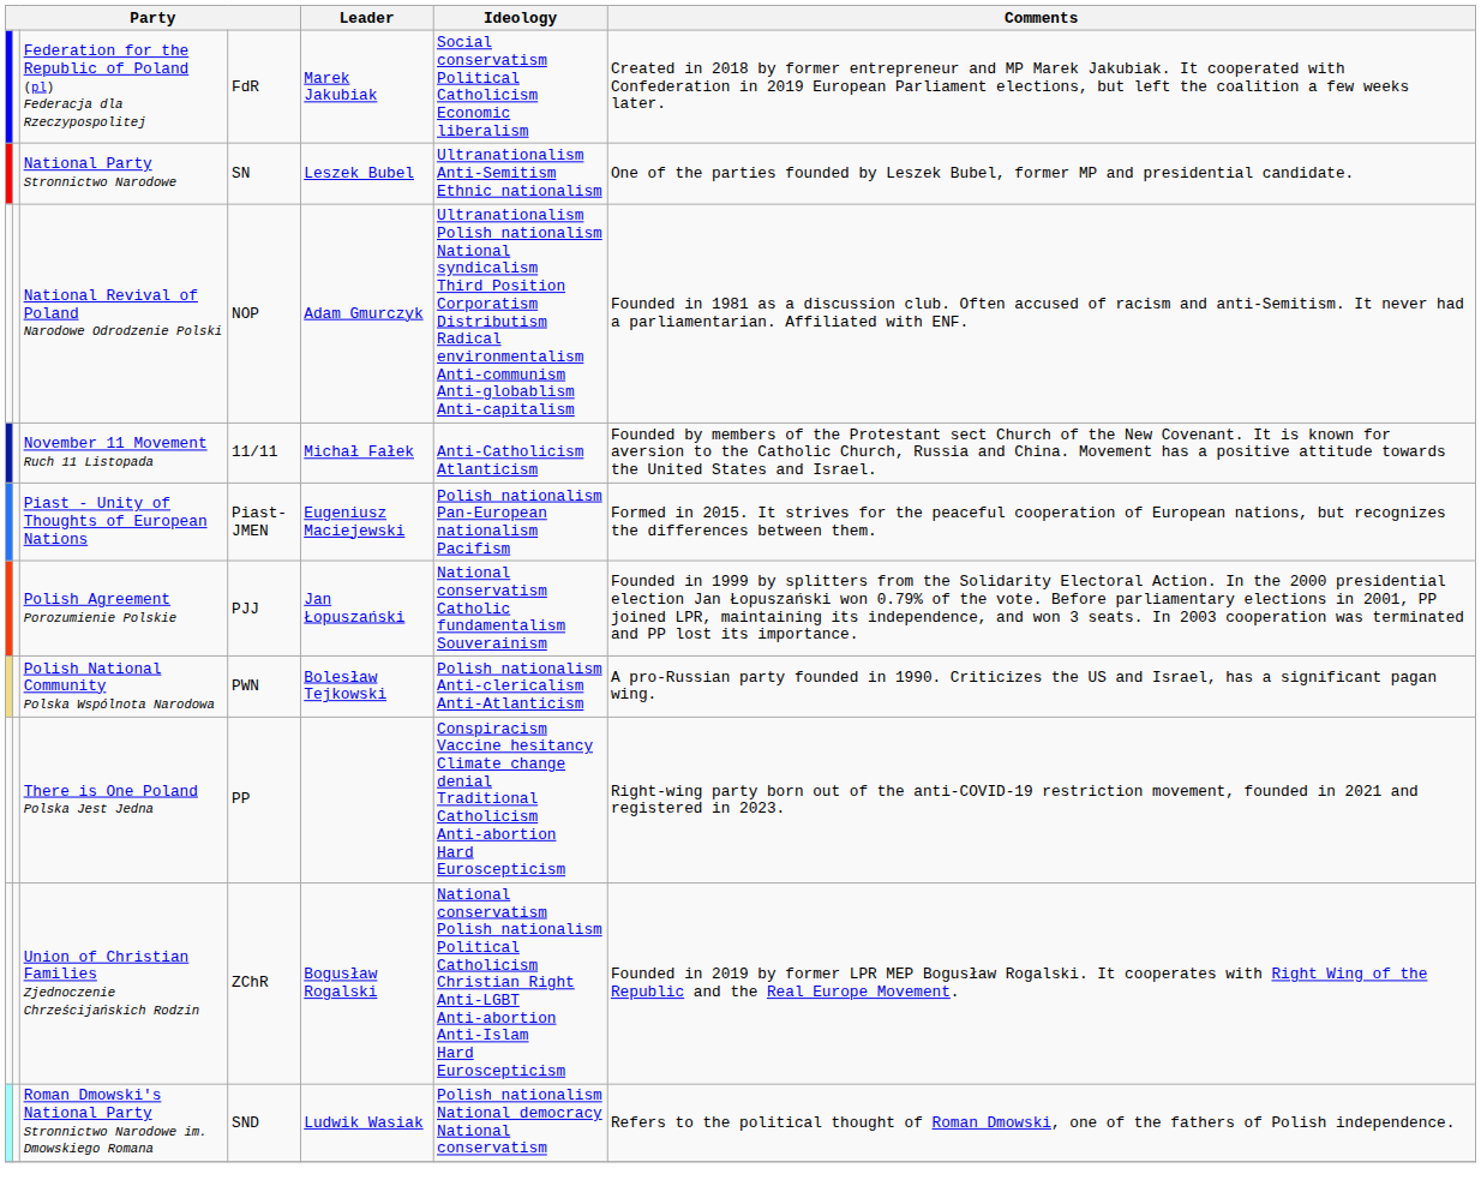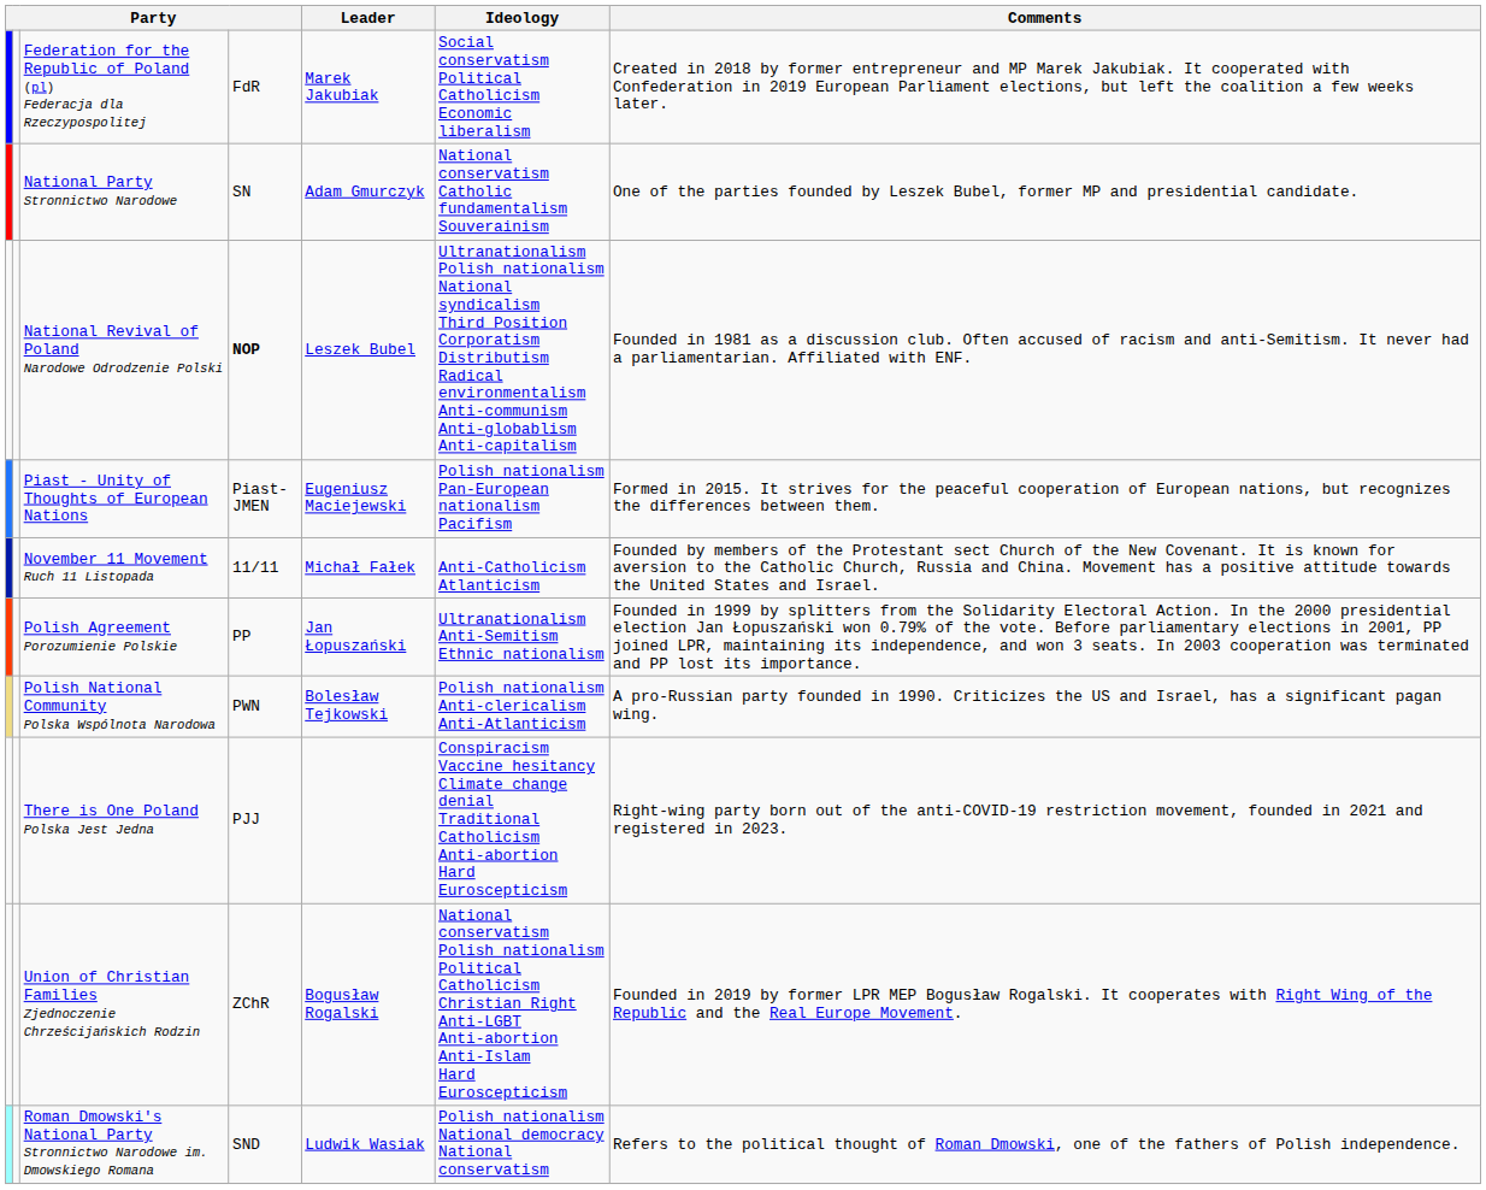 <table class="wikitable sortable">
 <tr>
 <th colspan=4>Party</th>
 <th>Leader</th>
 <th>Ideology</th>
 <th>Comments</th>
 </tr>
 <tr>
 <td bgcolor="0000FF"></td>
 <td></td>
 <td><a href='#'>Federation for the Republic of Poland</a> <small>(<a href='#'>pl</a>)</small><br><small><em>Federacja dla Rzeczypospolitej</em></small></td>
 <td>FdR</td>
 <td><a href='#'>Marek Jakubiak</a></td>
 <td><a href='#'>Social conservatism</a><br><a href='#'>Political Catholicism</a><br><a href='#'>Economic liberalism</a></td>
 <td>Created in 2018 by former entrepreneur and MP Marek Jakubiak. It cooperated with Confederation in 2019 European Parliament elections, but left the coalition a few weeks later.</td>
 </tr>
 <tr>
 <td bgcolor="FF0000"></td>
 <td></td>
 <td><a href='#'>National Party</a><br><small><em>Stronnictwo Narodowe</em><br></small></td>
 <td>SN</td>
-<td><a href='#'>Leszek Bubel</a></td>
-<td><a href='#'>Ultranationalism</a><br><a href='#'>Anti-Semitism</a><br><a href='#'>Ethnic nationalism</a></td>
+<td><a href='#'>Adam Gmurczyk</a></td>
+<td><a href='#'>National conservatism</a><br><a href='#'>Catholic fundamentalism</a><br><a href='#'>Souverainism</a></td>
 <td>One of the parties founded by Leszek Bubel, former MP and presidential candidate.</td>
 </tr>
 <tr>
 <td></td>
 <td style="text-align:center;"></td>
 <td><a href='#'>National Revival of Poland</a><br><small><em>Narodowe Odrodzenie Polski</em><br></small></td>
-<td>NOP</td>
-<td><a href='#'>Adam Gmurczyk</a></td>
+<td><strong>NOP</strong></td>
+<td><a href='#'>Leszek Bubel</a></td>
 <td><a href='#'>Ultranationalism</a><br><a href='#'>Polish nationalism</a><br><a href='#'>National syndicalism</a><br><a href='#'>Third Position</a><br><a href='#'>Corporatism</a><br><a href='#'>Distributism</a><br><a href='#'>Radical environmentalism</a><br><a href='#'>Anti-communism</a><br><a href='#'>Anti-globablism</a><br><a href='#'>Anti-capitalism</a></td>
 <td>Founded in 1981 as a discussion club. Often accused of racism and anti-Semitism. It never had a parliamentarian. Affiliated with ENF.</td>
+</tr>
+<tr>
+<td bgcolor="1F75FE"></td>
+<td></td>
+<td><a href='#'>Piast - Unity of Thoughts of European Nations</a><br><small></small></td>
+<td>Piast-JMEN</td>
+<td><a href='#'>Eugeniusz Maciejewski</a></td>
+<td><a href='#'>Polish nationalism</a><br><a href='#'>Pan-European nationalism</a><br><a href='#'>Pacifism</a></td>
+<td>Formed in 2015. It strives for the peaceful cooperation of European nations, but recognizes the differences between them.</td>
 </tr>
 <tr>
 <td bgcolor="0018A8"></td>
 <td></td>
 <td><a href='#'>November 11 Movement</a><br><small><em>Ruch 11 Listopada</em><br></small></td>
 <td>11/11</td>
 <td><a href='#'>Michał Fałek</a></td>
 <td><br><a href='#'>Anti-Catholicism</a><br><a href='#'>Atlanticism</a></td>
 <td>Founded by members of the Protestant sect Church of the New Covenant. It is known for aversion to the Catholic Church, Russia and China. Movement has a positive attitude towards the United States and Israel.</td>
 </tr>
 <tr>
-<td bgcolor="1F75FE"></td>
-<td></td>
-<td><a href='#'>Piast - Unity of Thoughts of European Nations</a><br><small></small></td>
-<td>Piast-JMEN</td>
-<td><a href='#'>Eugeniusz Maciejewski</a></td>
-<td><a href='#'>Polish nationalism</a><br><a href='#'>Pan-European nationalism</a><br><a href='#'>Pacifism</a></td>
-<td>Formed in 2015. It strives for the peaceful cooperation of European nations, but recognizes the differences between them.</td>
-</tr>
-<tr>
 <td bgcolor="#FF3800"></td>
 <td></td>
 <td><a href='#'>Polish Agreement</a><br><small><em>Porozumienie Polskie</em><br></small></td>
-<td>PJJ</td>
+<td>PP</td>
 <td><a href='#'>Jan Łopuszański</a></td>
-<td><a href='#'>National conservatism</a><br><a href='#'>Catholic fundamentalism</a><br><a href='#'>Souverainism</a></td>
+<td><a href='#'>Ultranationalism</a><br><a href='#'>Anti-Semitism</a><br><a href='#'>Ethnic nationalism</a></td>
 <td>Founded in 1999 by splitters from the Solidarity Electoral Action. In the 2000 presidential election Jan Łopuszański won 0.79% of the vote. Before parliamentary elections in 2001, PP joined LPR, maintaining its independence, and won 3 seats. In 2003 cooperation was terminated and PP lost its importance.</td>
 </tr>
 <tr>
 <td bgcolor="F0DC82"></td>
 <td></td>
 <td><a href='#'>Polish National Community</a><br><small><em>Polska Wspólnota Narodowa</em><br></small></td>
 <td>PWN</td>
 <td><a href='#'>Bolesław Tejkowski</a></td>
 <td><a href='#'>Polish nationalism</a><br><a href='#'>Anti-clericalism</a><br><a href='#'>Anti-Atlanticism</a></td>
 <td>A pro-Russian party founded in 1990. Criticizes the US and Israel, has a significant pagan wing.</td>
 </tr>
 <tr>
 <td></td>
 <td></td>
 <td><a href='#'>There is One Poland</a><br><small><em>Polska Jest Jedna</em><br></small></td>
-<td>PP</td>
+<td>PJJ</td>
 <td></td>
 <td><a href='#'>Conspiracism</a><br><a href='#'>Vaccine hesitancy</a><br><a href='#'>Climate change denial</a><br><a href='#'>Traditional Catholicism</a><br><a href='#'>Anti-abortion</a><br><a href='#'>Hard Euroscepticism</a></td>
 <td>Right-wing party born out of the anti-COVID-19 restriction movement, founded in 2021 and registered in 2023.</td>
 </tr>
 <tr>
 <td></td>
 <td></td>
 <td><a href='#'>Union of Christian Families</a><br><small><em>Zjednoczenie Chrześcijańskich Rodzin</em><br></small></td>
 <td>ZChR</td>
 <td><a href='#'>Bogusław Rogalski</a></td>
 <td><a href='#'>National conservatism</a><br><a href='#'>Polish nationalism</a><br><a href='#'>Political Catholicism</a><br><a href='#'>Christian Right</a><br><a href='#'>Anti-LGBT</a><br><a href='#'>Anti-abortion</a><br><a href='#'>Anti-Islam</a><br><a href='#'>Hard Euroscepticism</a></td>
 <td>Founded in 2019 by former LPR MEP Bogusław Rogalski. It cooperates with <a href='#'>Right Wing of the Republic</a> and the <a href='#'>Real Europe Movement</a>.</td>
 </tr>
 <tr>
 <td bgcolor="99FFFF"></td>
 <td></td>
 <td><a href='#'>Roman Dmowski's National Party</a><br><small><em>Stronnictwo Narodowe im. Dmowskiego Romana</em><br></small></td>
 <td>SND</td>
 <td><a href='#'>Ludwik Wasiak</a></td>
 <td><a href='#'>Polish nationalism</a><br><a href='#'>National democracy</a><br><a href='#'>National conservatism</a></td>
 <td>Refers to the political thought of <a href='#'>Roman Dmowski</a>, one of the fathers of Polish independence.</td>
 </tr>
 <tr>
 </tr>
 </table>
